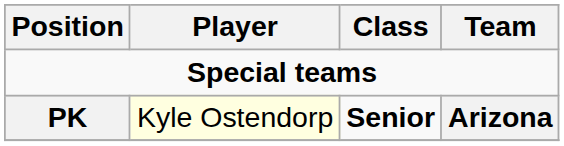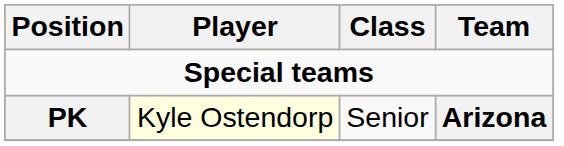 <table class="wikitable">
 <tr>
 <th>Position</th>
 <th>Player</th>
 <th>Class</th>
 <th>Team</th>
 </tr>
 <tr>
 <td colspan="4" style="text-align:center; "><strong>Special teams</strong></td>
 </tr>
 <tr style="text-align:center;">
 <th rowspan="1">PK</th>
 <td style="background: lightyellow;">Kyle Ostendorp</td>
-<td><strong>Senior</strong></td>
+<td>Senior</td>
 <th style=>Arizona</th>
 </tr>
 <tr>
 </tr>
 </table>
